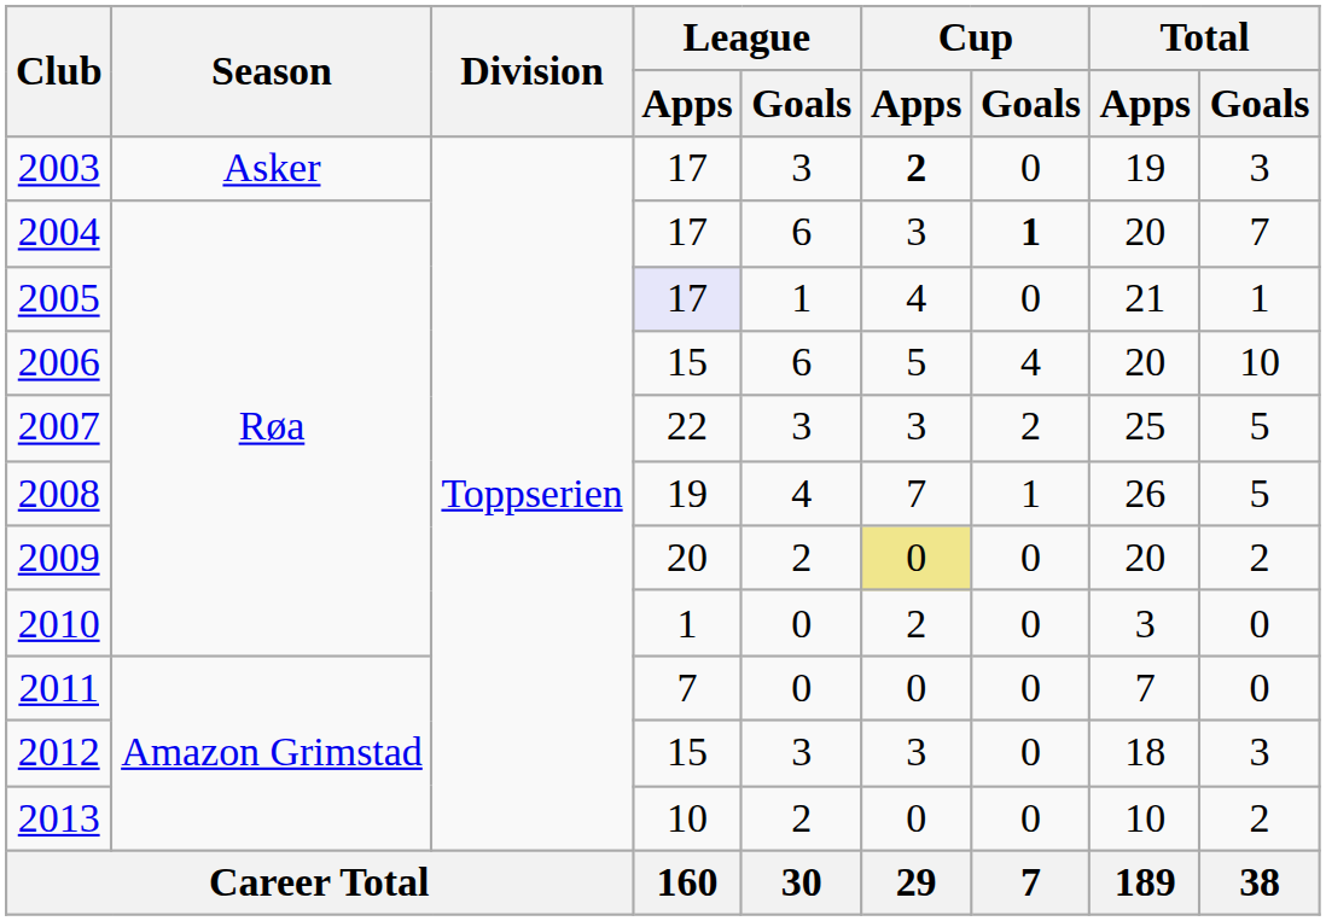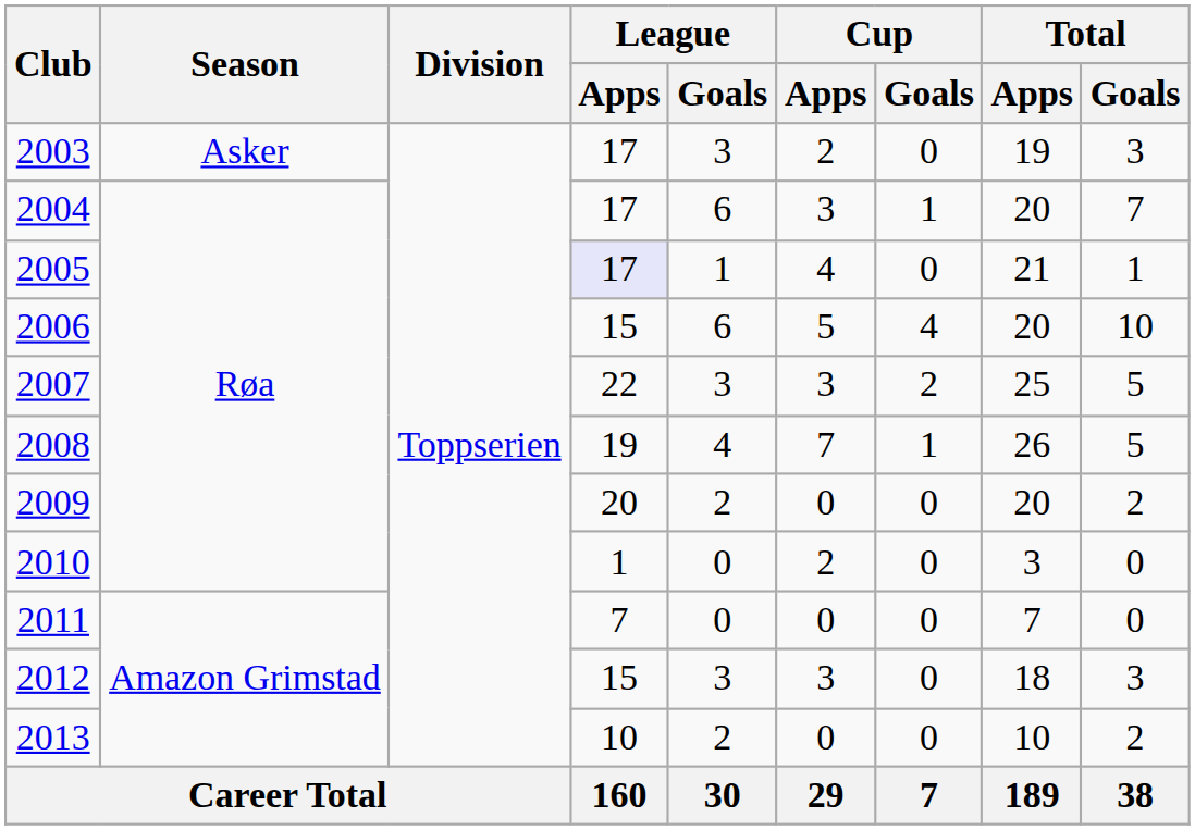 <table class="wikitable" style="text-align: center;">
 <tr>
 <th rowspan="2">Club</th>
 <th rowspan="2">Season</th>
 <th rowspan="2">Division</th>
 <th colspan="2">League</th>
 <th colspan="2">Cup</th>
 <th colspan="2">Total</th>
 </tr>
 <tr>
 <th>Apps</th>
 <th>Goals</th>
 <th>Apps</th>
 <th>Goals</th>
 <th>Apps</th>
 <th>Goals</th>
 </tr>
 <tr>
 <td><a href='#'>2003</a></td>
 <td rowspan="1" valign="center"><a href='#'>Asker</a></td>
 <td rowspan="11" valign="center"><a href='#'>Toppserien</a></td>
 <td>17</td>
 <td>3</td>
-<td><strong>2</strong></td>
+<td>2</td>
 <td>0</td>
 <td>19</td>
 <td>3</td>
 </tr>
 <tr>
 <td><a href='#'>2004</a></td>
 <td rowspan="7" valign="center"><a href='#'>Røa</a></td>
 <td>17</td>
 <td>6</td>
 <td>3</td>
-<td><strong>1</strong></td>
+<td>1</td>
 <td>20</td>
 <td>7</td>
 </tr>
 <tr>
 <td><a href='#'>2005</a></td>
 <td style="background: lavender;">17</td>
 <td>1</td>
 <td>4</td>
 <td>0</td>
 <td>21</td>
 <td>1</td>
 </tr>
 <tr>
 <td><a href='#'>2006</a></td>
 <td>15</td>
 <td>6</td>
 <td>5</td>
 <td>4</td>
 <td>20</td>
 <td>10</td>
 </tr>
 <tr>
 <td><a href='#'>2007</a></td>
 <td>22</td>
 <td>3</td>
 <td>3</td>
 <td>2</td>
 <td>25</td>
 <td>5</td>
 </tr>
 <tr>
 <td><a href='#'>2008</a></td>
 <td>19</td>
 <td>4</td>
 <td>7</td>
 <td>1</td>
 <td>26</td>
 <td>5</td>
 </tr>
 <tr>
 <td><a href='#'>2009</a></td>
 <td>20</td>
 <td>2</td>
-<td style="background: khaki;">0</td>
+<td>0</td>
 <td>0</td>
 <td>20</td>
 <td>2</td>
 </tr>
 <tr>
 <td><a href='#'>2010</a></td>
 <td>1</td>
 <td>0</td>
 <td>2</td>
 <td>0</td>
 <td>3</td>
 <td>0</td>
 </tr>
 <tr>
 <td><a href='#'>2011</a></td>
 <td rowspan="3" valign="center"><a href='#'>Amazon Grimstad</a></td>
 <td>7</td>
 <td>0</td>
 <td>0</td>
 <td>0</td>
 <td>7</td>
 <td>0</td>
 </tr>
 <tr>
 <td><a href='#'>2012</a></td>
 <td>15</td>
 <td>3</td>
 <td>3</td>
 <td>0</td>
 <td>18</td>
 <td>3</td>
 </tr>
 <tr>
 <td><a href='#'>2013</a></td>
 <td>10</td>
 <td>2</td>
 <td>0</td>
 <td>0</td>
 <td>10</td>
 <td>2</td>
 </tr>
 <tr>
 <th colspan="3">Career Total</th>
 <th>160</th>
 <th>30</th>
 <th>29</th>
 <th>7</th>
 <th>189</th>
 <th>38</th>
 </tr>
 </table>
